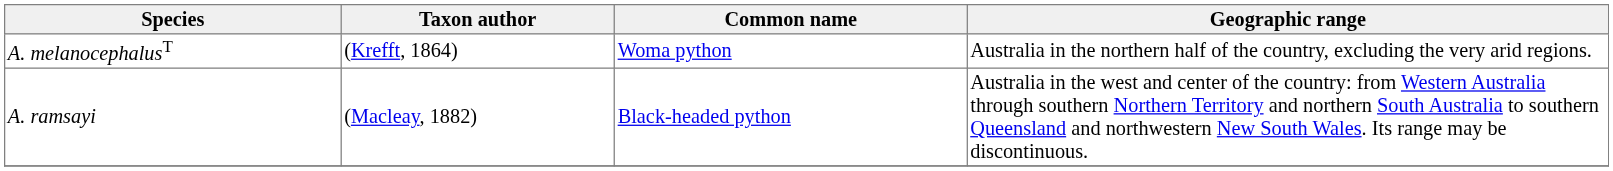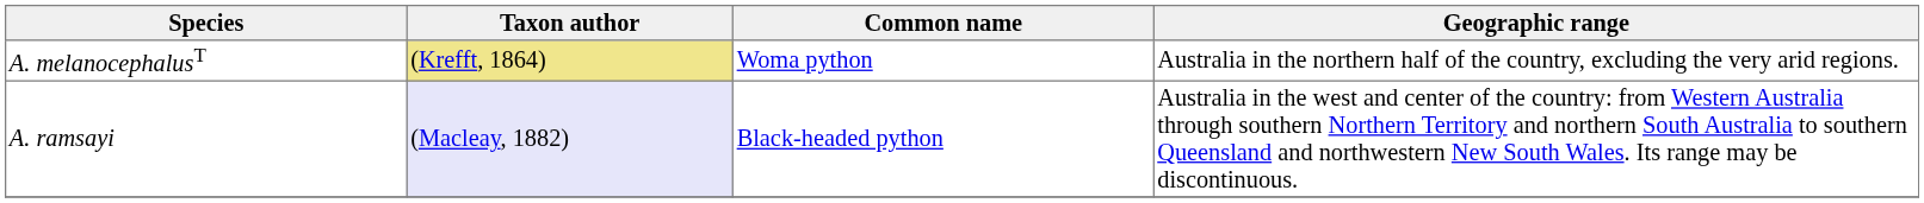 <table cellspacing=0 cellpadding=2 border=1 style="border-collapse: collapse;">
 <tr>
 <th bgcolor="#f0f0f0">Species</th>
 <th bgcolor="#f0f0f0">Taxon author</th>
 <th bgcolor="#f0f0f0">Common name</th>
 <th bgcolor="#f0f0f0">Geographic range</th>
 </tr>
 <tr>
 <td><em>A. melanocephalus</em><span><sup>T</sup></span><br></td>
-<td>(<a href='#'>Krefft</a>, 1864)</td>
+<td style="background: khaki;">(<a href='#'>Krefft</a>, 1864)</td>
 <td><a href='#'>Woma python</a></td>
 <td style="width:40%">Australia in the northern half of the country, excluding the very arid regions.</td>
 </tr>
 <tr>
 <td><em>A. ramsayi</em><br></td>
-<td>(<a href='#'>Macleay</a>, 1882)</td>
+<td style="background: lavender;">(<a href='#'>Macleay</a>, 1882)</td>
 <td><a href='#'>Black-headed python</a></td>
 <td>Australia in the west and center of the country: from <a href='#'>Western Australia</a> through southern <a href='#'>Northern Territory</a> and northern <a href='#'>South Australia</a> to southern <a href='#'>Queensland</a> and northwestern <a href='#'>New South Wales</a>. Its range may be discontinuous.</td>
 </tr>
 <tr>
 </tr>
 </table>
